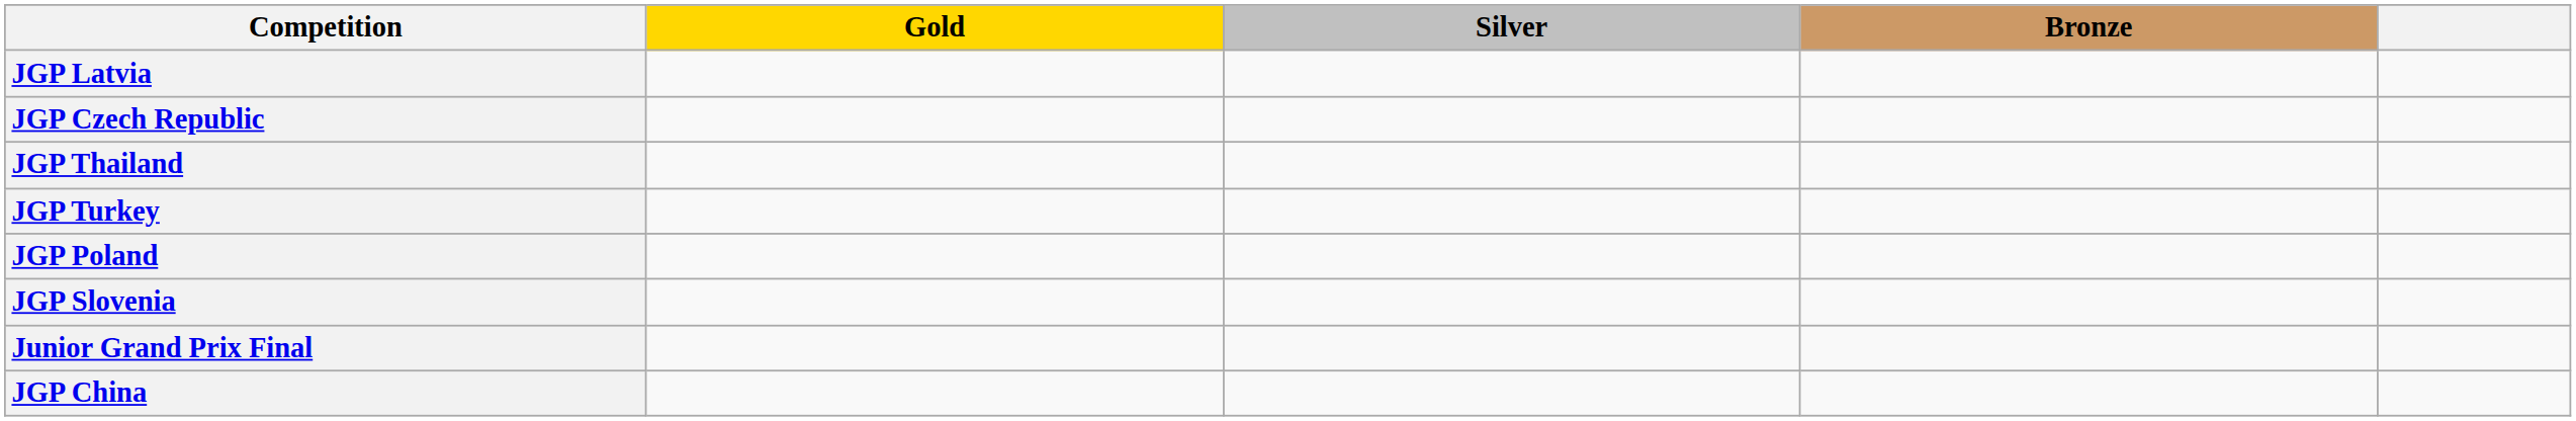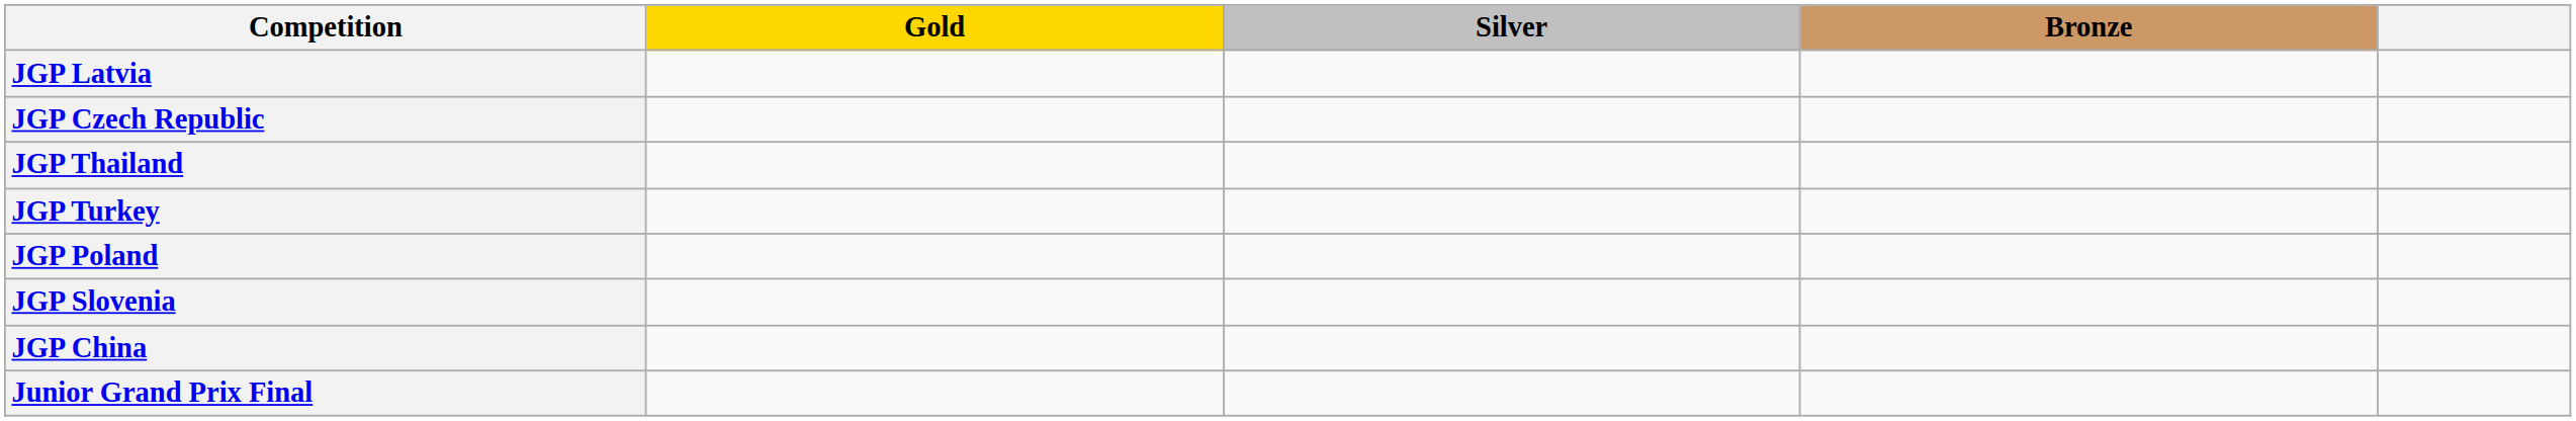 <table class="wikitable unsortable" style="text-align:left; width:90%">
 <tr>
 <th scope="col" style="text-align:center; width:25%;">Competition</th>
 <td scope="col" style="text-align:center; width:22.5%; background:gold"><strong>Gold</strong></td>
 <td scope="col" style="text-align:center; width:22.5%; background:silver"><strong>Silver</strong></td>
 <td scope="col" style="text-align:center; width:22.5%; background:#c96"><strong>Bronze</strong></td>
 <th scope="col" style="text-align:center; width:7.5%;"></th>
 </tr>
 <tr>
 <th scope="row" style="text-align:left"> <a href='#'>JGP Latvia</a></th>
 <td></td>
 <td></td>
 <td></td>
 <td></td>
 </tr>
 <tr>
 <th scope="row" style="text-align:left"> <a href='#'>JGP Czech Republic</a></th>
 <td></td>
 <td></td>
 <td></td>
 <td></td>
 </tr>
 <tr>
 <th scope="row" style="text-align:left"> <a href='#'>JGP Thailand</a></th>
 <td></td>
 <td></td>
 <td></td>
 <td></td>
 </tr>
 <tr>
 <th scope="row" style="text-align:left"> <a href='#'>JGP Turkey</a></th>
 <td></td>
 <td></td>
 <td></td>
 <td></td>
 </tr>
 <tr>
 <th scope="row" style="text-align:left"> <a href='#'>JGP Poland</a></th>
 <td></td>
 <td></td>
 <td></td>
 <td></td>
 </tr>
 <tr>
 <th scope="row" style="text-align:left"> <a href='#'>JGP Slovenia</a></th>
 <td></td>
 <td></td>
 <td></td>
 <td></td>
 </tr>
 <tr>
+<th scope="row" style="text-align:left"> <a href='#'>JGP China</a></th>
+<td></td>
+<td></td>
+<td></td>
+<td></td>
+</tr>
+<tr>
 <th scope="row" style="text-align:left"> <a href='#'>Junior Grand Prix Final</a></th>
 <td></td>
 <td></td>
 <td></td>
 <td></td>
 </tr>
-<tr>
-<th scope="row" style="text-align:left"> <a href='#'>JGP China</a></th>
-<td></td>
-<td></td>
-<td></td>
-<td></td>
-</tr>
 </table>
